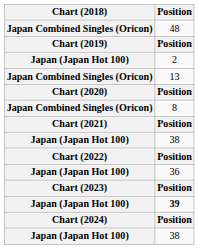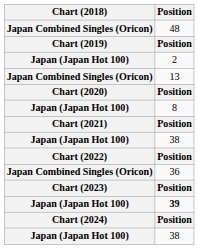 <table class="wikitable plainrowheaders" style="text-align:center">
 <tr>
 <th scope="col">Chart (2018)</th>
 <th scope="col">Position</th>
 </tr>
 <tr>
 <th scope="row">Japan Combined Singles (Oricon)</th>
 <td>48</td>
 </tr>
 <tr>
 <th scope="col">Chart (2019)</th>
 <th scope="col">Position</th>
 </tr>
 <tr>
 <th scope="row">Japan (Japan Hot 100)</th>
 <td>2</td>
 </tr>
 <tr>
 <th scope="row">Japan Combined Singles (Oricon)</th>
 <td>13</td>
 </tr>
 <tr>
 <th scope="col">Chart (2020)</th>
 <th scope="col">Position</th>
 </tr>
 <tr>
-<th scope="row">Japan Combined Singles (Oricon)</th>
+<th scope="row">Japan (Japan Hot 100)</th>
 <td>8</td>
 </tr>
 <tr>
 <th scope="col">Chart (2021)</th>
 <th scope="col">Position</th>
 </tr>
 <tr>
 <th scope="row">Japan (Japan Hot 100)</th>
 <td>38</td>
 </tr>
 <tr>
 <th scope="col">Chart (2022)</th>
 <th scope="col">Position</th>
 </tr>
 <tr>
-<th scope="row">Japan (Japan Hot 100)</th>
+<th scope="row">Japan Combined Singles (Oricon)</th>
 <td>36</td>
 </tr>
 <tr>
 <th scope="col">Chart (2023)</th>
 <th scope="col">Position</th>
 </tr>
 <tr>
 <th scope="row">Japan (Japan Hot 100)</th>
 <td><strong>39</strong></td>
 </tr>
 <tr>
 <th scope="col">Chart (2024)</th>
 <th scope="col">Position</th>
 </tr>
 <tr>
 <th scope="row">Japan (Japan Hot 100)</th>
 <td>38</td>
 </tr>
 </table>
